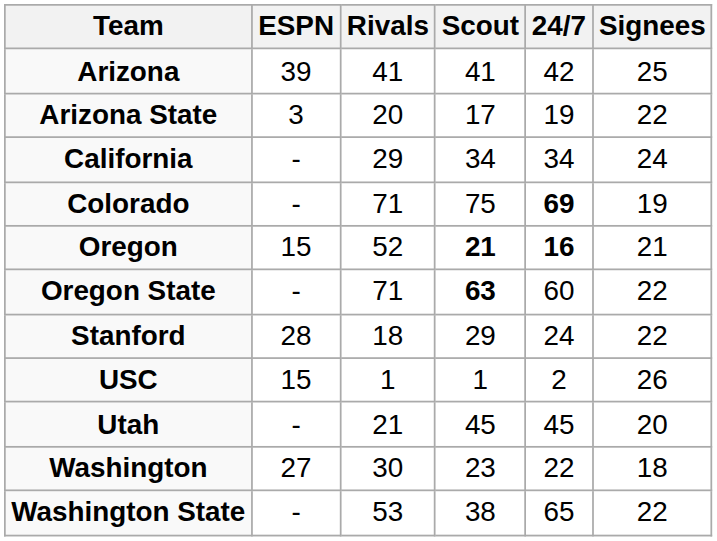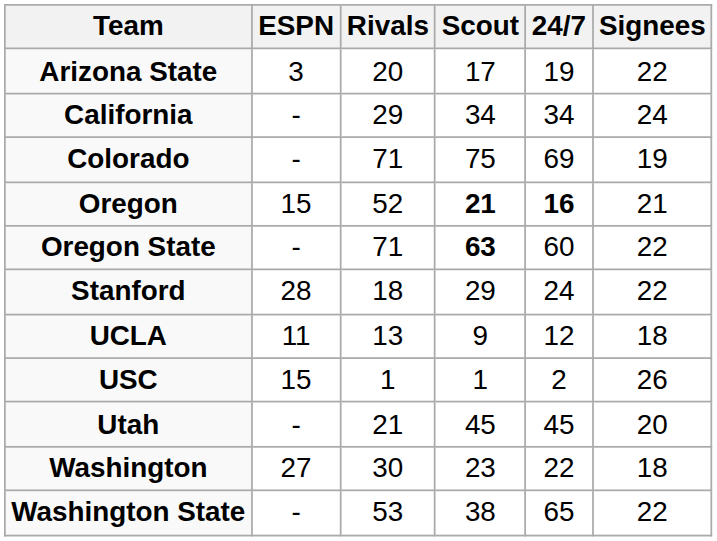 <table class="wikitable">
 <tr>
 <th>Team</th>
 <th>ESPN</th>
 <th>Rivals</th>
 <th>Scout</th>
 <th>24/7</th>
 <th>Signees</th>
-</tr>
-<tr style="text-align:center;">
-<td><strong>Arizona</strong></td>
-<td style="text-align:center; background:white">39</td>
-<td style="text-align:center; background:white">41</td>
-<td style="text-align:center; background:white">41</td>
-<td style="text-align:center; background:white">42</td>
-<td style="text-align:center; background:white">25</td>
 </tr>
 <tr style="text-align:center;">
 <td><strong>Arizona State</strong></td>
 <td style="text-align:center; background:white">3</td>
 <td style="text-align:center; background:white">20</td>
 <td style="text-align:center; background:white">17</td>
 <td style="text-align:center; background:white">19</td>
 <td style="text-align:center; background:white">22</td>
 </tr>
 <tr style="text-align:center;">
 <td><strong>California</strong></td>
 <td style="text-align:center; background:white">-</td>
 <td style="text-align:center; background:white">29</td>
 <td style="text-align:center; background:white">34</td>
 <td style="text-align:center; background:white">34</td>
 <td style="text-align:center; background:white">24</td>
 </tr>
 <tr style="text-align:center;">
 <td><strong>Colorado</strong></td>
 <td style="text-align:center; background:white">-</td>
 <td style="text-align:center; background:white">71</td>
 <td style="text-align:center; background:white">75</td>
-<td style="text-align:center; background:white"><strong>69</strong></td>
+<td style="text-align:center; background:white">69</td>
 <td style="text-align:center; background:white">19</td>
 </tr>
 <tr style="text-align:center;">
 <td><strong>Oregon</strong></td>
 <td style="text-align:center; background:white">15</td>
 <td style="text-align:center; background:white">52</td>
 <td style="text-align:center; background:white"><strong>21</strong></td>
 <td style="text-align:center; background:white"><strong>16</strong></td>
 <td style="text-align:center; background:white">21</td>
 </tr>
 <tr style="text-align:center;">
 <td><strong>Oregon State</strong></td>
 <td style="text-align:center; background:white">-</td>
 <td style="text-align:center; background:white">71</td>
 <td style="text-align:center; background:white"><strong>63</strong></td>
 <td style="text-align:center; background:white">60</td>
 <td style="text-align:center; background:white">22</td>
 </tr>
 <tr style="text-align:center;">
 <td><strong>Stanford</strong></td>
 <td style="text-align:center; background:white">28</td>
 <td style="text-align:center; background:white">18</td>
 <td style="text-align:center; background:white">29</td>
 <td style="text-align:center; background:white">24</td>
 <td style="text-align:center; background:white">22</td>
+</tr>
+<tr style="text-align:center;">
+<td><strong>UCLA</strong></td>
+<td style="text-align:center; background:white">11</td>
+<td style="text-align:center; background:white">13</td>
+<td style="text-align:center; background:white">9</td>
+<td style="text-align:center; background:white">12</td>
+<td style="text-align:center; background:white">18</td>
 </tr>
 <tr style="text-align:center;">
 <td><strong>USC</strong></td>
 <td style="text-align:center; background:white">15</td>
 <td style="text-align:center; background:white">1</td>
 <td style="text-align:center; background:white">1</td>
 <td style="text-align:center; background:white">2</td>
 <td style="text-align:center; background:white">26</td>
 </tr>
 <tr style="text-align:center;">
 <td><strong>Utah</strong></td>
 <td style="text-align:center; background:white">-</td>
 <td style="text-align:center; background:white">21</td>
 <td style="text-align:center; background:white">45</td>
 <td style="text-align:center; background:white">45</td>
 <td style="text-align:center; background:white">20</td>
 </tr>
 <tr style="text-align:center;">
 <td><strong>Washington</strong></td>
 <td style="text-align:center; background:white">27</td>
 <td style="text-align:center; background:white">30</td>
 <td style="text-align:center; background:white">23</td>
 <td style="text-align:center; background:white">22</td>
 <td style="text-align:center; background:white">18</td>
 </tr>
 <tr style="text-align:center;">
 <td><strong>Washington State</strong></td>
 <td style="text-align:center; background:white">-</td>
 <td style="text-align:center; background:white">53</td>
 <td style="text-align:center; background:white">38</td>
 <td style="text-align:center; background:white">65</td>
 <td style="text-align:center; background:white">22</td>
 </tr>
 </table>
